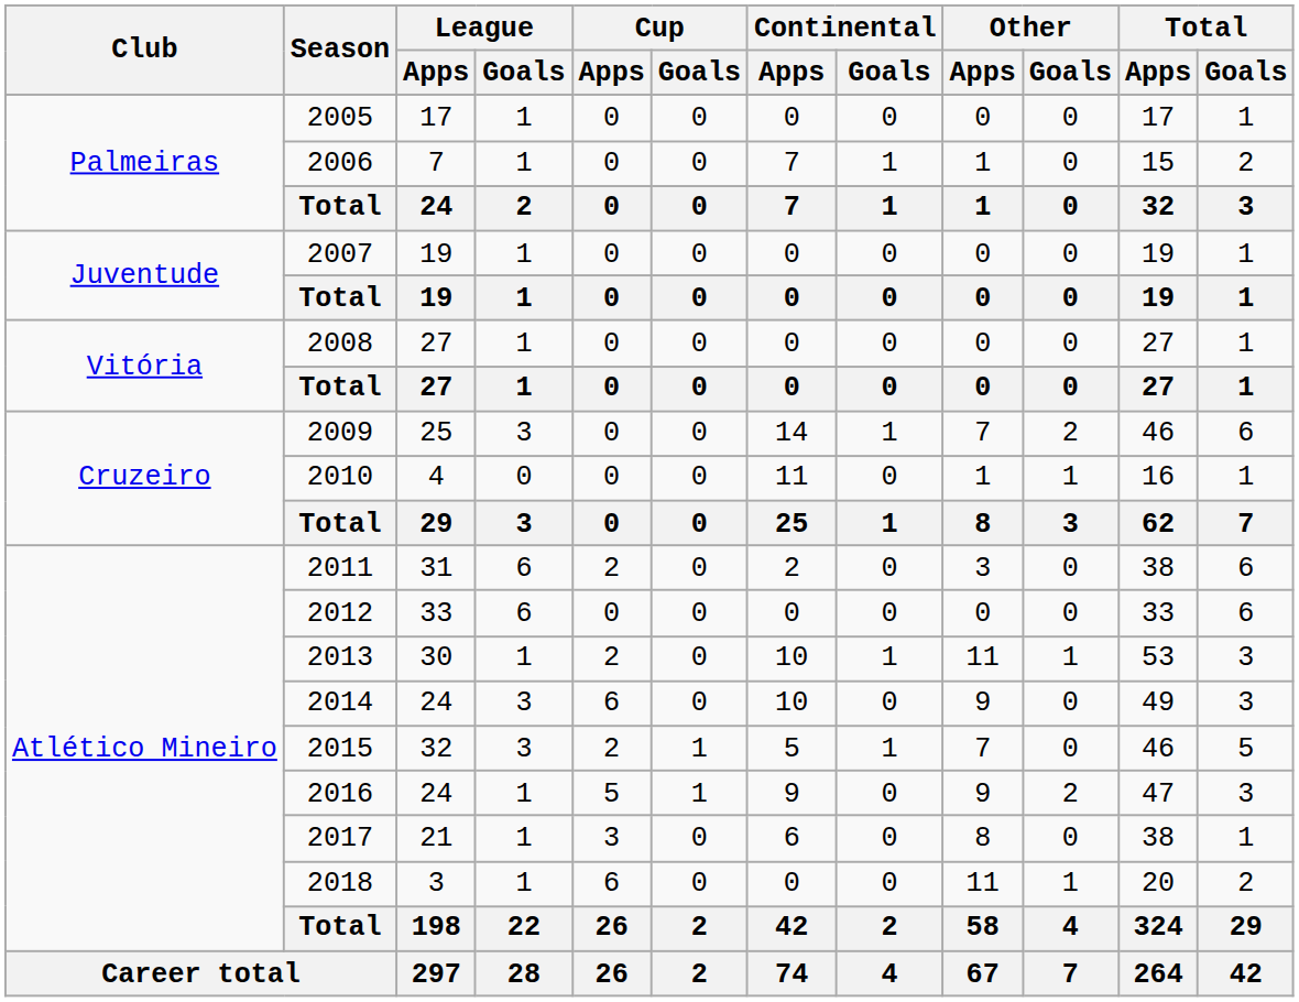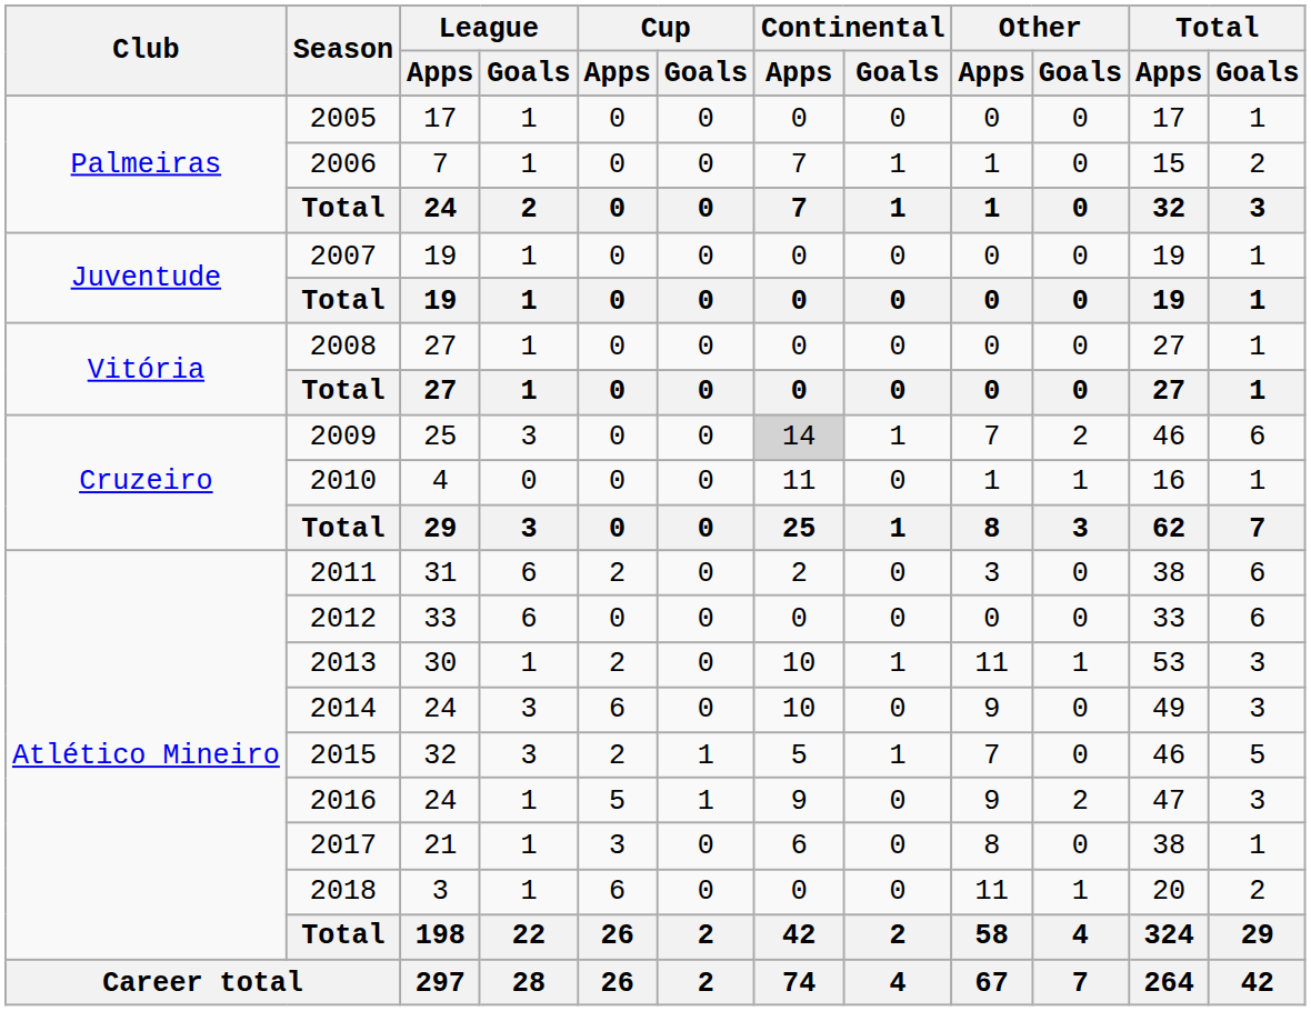 <table class="wikitable" style="text-align: center;font-size:100%">
 <tr>
 <th rowspan="2">Club</th>
 <th rowspan="2">Season</th>
 <th colspan="2">League</th>
 <th colspan="2">Cup</th>
 <th colspan="2">Continental</th>
 <th colspan="2">Other</th>
 <th colspan="2">Total</th>
 </tr>
 <tr>
 <th>Apps</th>
 <th>Goals</th>
 <th>Apps</th>
 <th>Goals</th>
 <th>Apps</th>
 <th>Goals</th>
 <th>Apps</th>
 <th>Goals</th>
 <th>Apps</th>
 <th>Goals</th>
 </tr>
 <tr>
 <td rowspan="3"><a href='#'>Palmeiras</a></td>
 <td>2005</td>
 <td>17</td>
 <td>1</td>
 <td>0</td>
 <td>0</td>
 <td>0</td>
 <td>0</td>
 <td>0</td>
 <td>0</td>
 <td>17</td>
 <td>1</td>
 </tr>
 <tr>
 <td>2006</td>
 <td>7</td>
 <td>1</td>
 <td>0</td>
 <td>0</td>
 <td>7</td>
 <td>1</td>
 <td>1</td>
 <td>0</td>
 <td>15</td>
 <td>2</td>
 </tr>
 <tr>
 <th>Total</th>
 <th>24</th>
 <th>2</th>
 <th>0</th>
 <th>0</th>
 <th>7</th>
 <th>1</th>
 <th>1</th>
 <th>0</th>
 <th>32</th>
 <th>3</th>
 </tr>
 <tr>
 <td rowspan="2"><a href='#'>Juventude</a></td>
 <td>2007</td>
 <td>19</td>
 <td>1</td>
 <td>0</td>
 <td>0</td>
 <td>0</td>
 <td>0</td>
 <td>0</td>
 <td>0</td>
 <td>19</td>
 <td>1</td>
 </tr>
 <tr>
 <th>Total</th>
 <th>19</th>
 <th>1</th>
 <th>0</th>
 <th>0</th>
 <th>0</th>
 <th>0</th>
 <th>0</th>
 <th>0</th>
 <th>19</th>
 <th>1</th>
 </tr>
 <tr>
 <td rowspan="2"><a href='#'>Vitória</a></td>
 <td>2008</td>
 <td>27</td>
 <td>1</td>
 <td>0</td>
 <td>0</td>
 <td>0</td>
 <td>0</td>
 <td>0</td>
 <td>0</td>
 <td>27</td>
 <td>1</td>
 </tr>
 <tr>
 <th>Total</th>
 <th>27</th>
 <th>1</th>
 <th>0</th>
 <th>0</th>
 <th>0</th>
 <th>0</th>
 <th>0</th>
 <th>0</th>
 <th>27</th>
 <th>1</th>
 </tr>
 <tr>
 <td rowspan="3"><a href='#'>Cruzeiro</a></td>
 <td>2009</td>
 <td>25</td>
 <td>3</td>
 <td>0</td>
 <td>0</td>
-<td>14</td>
+<td style="background: lightgrey;">14</td>
 <td>1</td>
 <td>7</td>
 <td>2</td>
 <td>46</td>
 <td>6</td>
 </tr>
 <tr>
 <td>2010</td>
 <td>4</td>
 <td>0</td>
 <td>0</td>
 <td>0</td>
 <td>11</td>
 <td>0</td>
 <td>1</td>
 <td>1</td>
 <td>16</td>
 <td>1</td>
 </tr>
 <tr>
 <th>Total</th>
 <th>29</th>
 <th>3</th>
 <th>0</th>
 <th>0</th>
 <th>25</th>
 <th>1</th>
 <th>8</th>
 <th>3</th>
 <th>62</th>
 <th>7</th>
 </tr>
 <tr>
 <td rowspan="9"><a href='#'>Atlético Mineiro</a></td>
 <td>2011</td>
 <td>31</td>
 <td>6</td>
 <td>2</td>
 <td>0</td>
 <td>2</td>
 <td>0</td>
 <td>3</td>
 <td>0</td>
 <td>38</td>
 <td>6</td>
 </tr>
 <tr>
 <td>2012</td>
 <td>33</td>
 <td>6</td>
 <td>0</td>
 <td>0</td>
 <td>0</td>
 <td>0</td>
 <td>0</td>
 <td>0</td>
 <td>33</td>
 <td>6</td>
 </tr>
 <tr>
 <td>2013</td>
 <td>30</td>
 <td>1</td>
 <td>2</td>
 <td>0</td>
 <td>10</td>
 <td>1</td>
 <td>11</td>
 <td>1</td>
 <td>53</td>
 <td>3</td>
 </tr>
 <tr>
 <td>2014</td>
 <td>24</td>
 <td>3</td>
 <td>6</td>
 <td>0</td>
 <td>10</td>
 <td>0</td>
 <td>9</td>
 <td>0</td>
 <td>49</td>
 <td>3</td>
 </tr>
 <tr>
 <td>2015</td>
 <td>32</td>
 <td>3</td>
 <td>2</td>
 <td>1</td>
 <td>5</td>
 <td>1</td>
 <td>7</td>
 <td>0</td>
 <td>46</td>
 <td>5</td>
 </tr>
 <tr>
 <td>2016</td>
 <td>24</td>
 <td>1</td>
 <td>5</td>
 <td>1</td>
 <td>9</td>
 <td>0</td>
 <td>9</td>
 <td>2</td>
 <td>47</td>
 <td>3</td>
 </tr>
 <tr>
 <td>2017</td>
 <td>21</td>
 <td>1</td>
 <td>3</td>
 <td>0</td>
 <td>6</td>
 <td>0</td>
 <td>8</td>
 <td>0</td>
 <td>38</td>
 <td>1</td>
 </tr>
 <tr>
 <td>2018</td>
 <td>3</td>
 <td>1</td>
 <td>6</td>
 <td>0</td>
 <td>0</td>
 <td>0</td>
 <td>11</td>
 <td>1</td>
 <td>20</td>
 <td>2</td>
 </tr>
 <tr>
 <th>Total</th>
 <th>198</th>
 <th>22</th>
 <th>26</th>
 <th>2</th>
 <th>42</th>
 <th>2</th>
 <th>58</th>
 <th>4</th>
 <th>324</th>
 <th>29</th>
 </tr>
 <tr>
 <th colspan="2">Career total</th>
 <th>297</th>
 <th>28</th>
 <th>26</th>
 <th>2</th>
 <th>74</th>
 <th>4</th>
 <th>67</th>
 <th>7</th>
 <th>264</th>
 <th>42</th>
 </tr>
 </table>
